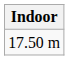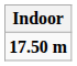 <table class="wikitable" border="1" align="upright">
 <tr>
 <th>Indoor</th>
 </tr>
 <tr>
-<td>17.50 m</td>
+<td><strong>17.50 m</strong></td>
 </tr>
 </table>
